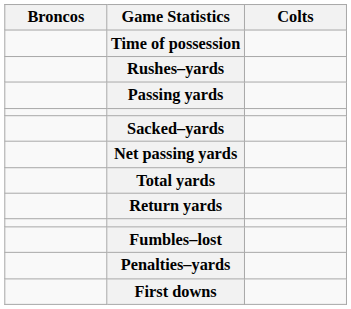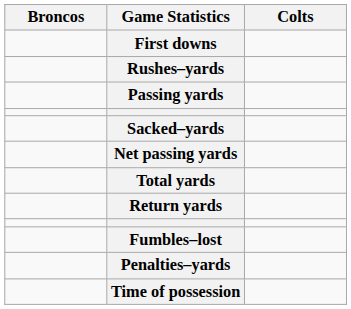 <table class="wikitable" style="margin: 1em auto 1em auto">
 <tr>
 <th style="width:30%;">Broncos</th>
 <th style="width:40%;">Game Statistics</th>
 <th style="width:30%;">Colts</th>
 </tr>
 <tr>
 <td style="text-align:right;"></td>
-<th>Time of possession</th>
+<th>First downs</th>
 <td></td>
 </tr>
 <tr>
 <td style="text-align:right;"></td>
 <th>Rushes–yards</th>
 <td></td>
 </tr>
 <tr>
 <td style="text-align:right;"></td>
 <th>Passing yards</th>
 <td></td>
 </tr>
 <tr>
 <td style="text-align:right;"></td>
 <th></th>
 <td></td>
 </tr>
 <tr>
 <td style="text-align:right;"></td>
 <th>Sacked–yards</th>
 <td></td>
 </tr>
 <tr>
 <td style="text-align:right;"></td>
 <th>Net passing yards</th>
 <td></td>
 </tr>
 <tr>
 <td style="text-align:right;"></td>
 <th>Total yards</th>
 <td></td>
 </tr>
 <tr>
 <td style="text-align:right;"></td>
 <th>Return yards</th>
 <td></td>
 </tr>
 <tr>
 <td style="text-align:right;"></td>
 <th></th>
 <td></td>
 </tr>
 <tr>
 <td style="text-align:right;"></td>
 <th>Fumbles–lost</th>
 <td></td>
 </tr>
 <tr>
 <td style="text-align:right;"></td>
 <th>Penalties–yards</th>
 <td></td>
 </tr>
 <tr>
 <td style="text-align:right;"></td>
-<th>First downs</th>
+<th>Time of possession</th>
 <td></td>
 </tr>
 </table>
